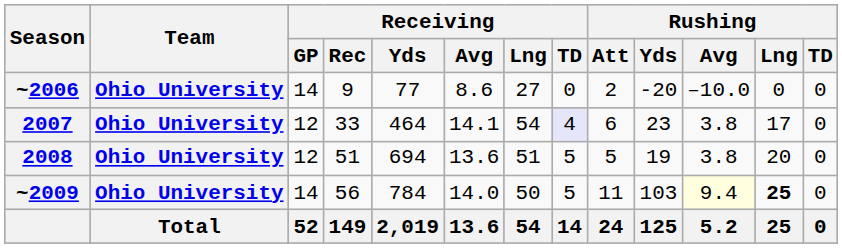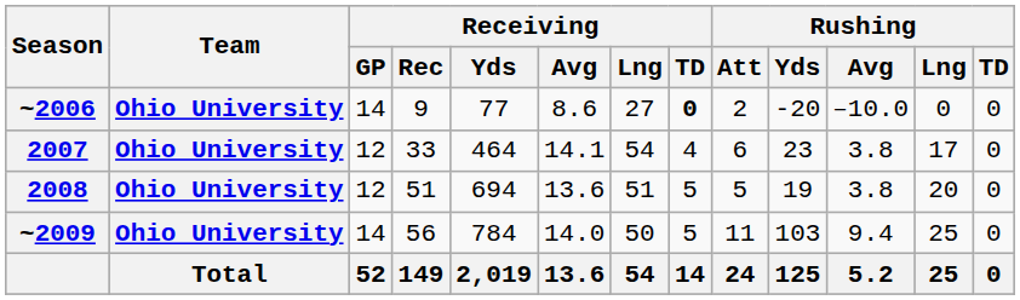 <table class=wikitable style="text-align:center;">
 <tr>
 <th rowspan=2>Season</th>
 <th rowspan=2>Team</th>
 <th colspan=6>Receiving</th>
 <th colspan=5>Rushing</th>
 </tr>
 <tr>
 <th>GP</th>
 <th>Rec</th>
 <th>Yds</th>
 <th>Avg</th>
 <th>Lng</th>
 <th>TD</th>
 <th>Att</th>
 <th>Yds</th>
 <th>Avg</th>
 <th>Lng</th>
 <th>TD</th>
 </tr>
 <tr>
 <th>~<a href='#'>2006</a></th>
 <th><a href='#'>Ohio University</a></th>
 <td>14</td>
 <td>9</td>
 <td>77</td>
 <td>8.6</td>
 <td>27</td>
-<td>0</td>
+<td><strong>0</strong></td>
 <td>2</td>
 <td>-20</td>
 <td>–10.0</td>
 <td>0</td>
 <td>0</td>
 </tr>
 <tr>
 <th><a href='#'>2007</a></th>
 <th><a href='#'>Ohio University</a></th>
 <td>12</td>
 <td>33</td>
 <td>464</td>
 <td>14.1</td>
 <td>54</td>
-<td style="background: lavender;">4</td>
+<td>4</td>
 <td>6</td>
 <td>23</td>
 <td>3.8</td>
 <td>17</td>
 <td>0</td>
 </tr>
 <tr>
 <th><a href='#'>2008</a></th>
 <th><a href='#'>Ohio University</a></th>
 <td>12</td>
 <td>51</td>
 <td>694</td>
 <td>13.6</td>
 <td>51</td>
 <td>5</td>
 <td>5</td>
 <td>19</td>
 <td>3.8</td>
 <td>20</td>
 <td>0</td>
 </tr>
 <tr>
 <th>~<a href='#'>2009</a></th>
 <th><a href='#'>Ohio University</a></th>
 <td>14</td>
 <td>56</td>
 <td>784</td>
 <td>14.0</td>
 <td>50</td>
 <td>5</td>
 <td>11</td>
 <td>103</td>
-<td style="background: lightyellow;">9.4</td>
-<td><strong>25</strong></td>
+<td>9.4</td>
+<td>25</td>
 <td>0</td>
 </tr>
 <tr>
 <th></th>
 <th>Total</th>
 <th>52</th>
 <th>149</th>
 <th>2,019</th>
 <th>13.6</th>
 <th>54</th>
 <th>14</th>
 <th>24</th>
 <th>125</th>
 <th>5.2</th>
 <th>25</th>
 <th>0</th>
 </tr>
 </table>
